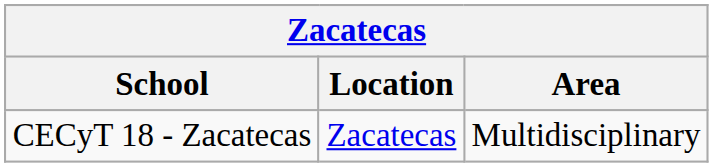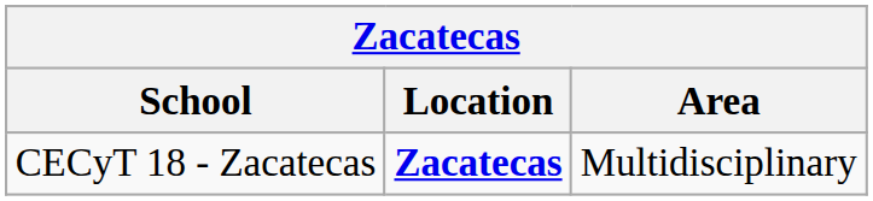 <table class="wikitable">
 <tr>
 <th colspan="3"><a href='#'>Zacatecas</a></th>
 </tr>
 <tr>
 <th>School</th>
 <th>Location</th>
 <th>Area</th>
 </tr>
 <tr>
 <td>CECyT 18 - Zacatecas</td>
-<td><a href='#'>Zacatecas</a></td>
+<td><strong><a href='#'>Zacatecas</a></strong></td>
 <td>Multidisciplinary</td>
 </tr>
 </table>
